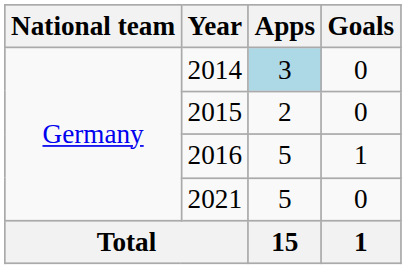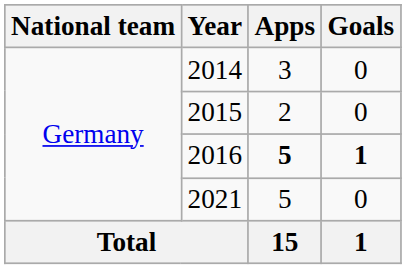 <table class="wikitable" style="text-align:center">
 <tr>
 <th>National team</th>
 <th>Year</th>
 <th>Apps</th>
 <th>Goals</th>
 </tr>
 <tr>
 <td rowspan="4"><a href='#'>Germany</a></td>
 <td>2014</td>
-<td style="background: lightblue;">3</td>
+<td>3</td>
 <td>0</td>
 </tr>
 <tr>
 <td>2015</td>
 <td>2</td>
 <td>0</td>
 </tr>
 <tr>
 <td>2016</td>
-<td>5</td>
-<td>1</td>
+<td><strong>5</strong></td>
+<td><strong>1</strong></td>
 </tr>
 <tr>
 <td>2021</td>
 <td>5</td>
 <td>0</td>
 </tr>
 <tr>
 <th colspan="2">Total</th>
 <th>15</th>
 <th>1</th>
 </tr>
 </table>
